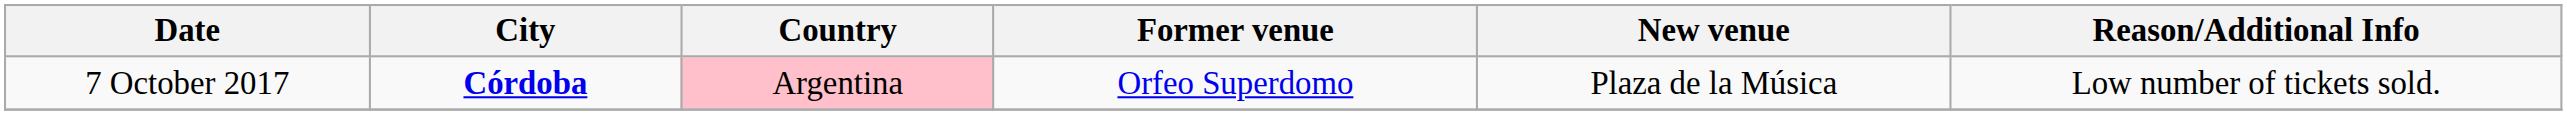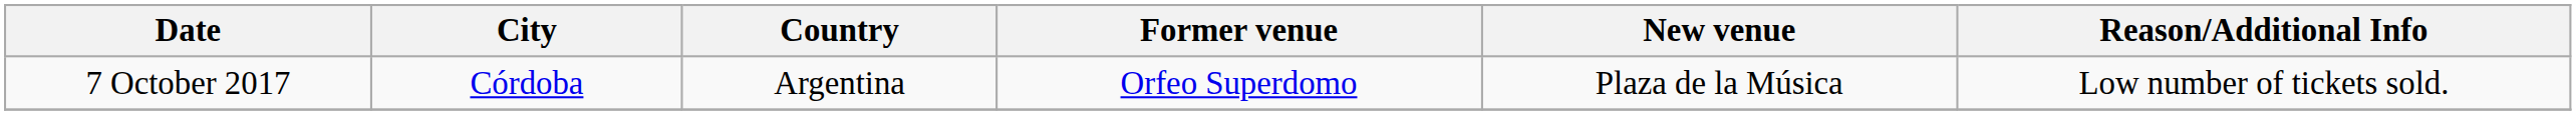 <table class="wikitable" style="text-align:center;">
 <tr>
 <th scope="col" style="width:12em;">Date</th>
 <th scope="col" style="width:10em;">City</th>
 <th scope="col" style="width:10em;">Country</th>
 <th scope="col" style="width:16em;">Former venue</th>
 <th scope="col" style="width:16em;">New venue</th>
 <th scope="col" style="width:20em;">Reason/Additional Info</th>
 </tr>
 <tr>
 <td>7 October 2017</td>
-<td><strong><a href='#'>Córdoba</a></strong></td>
-<td style="background: pink;">Argentina</td>
+<td><a href='#'>Córdoba</a></td>
+<td>Argentina</td>
 <td><a href='#'>Orfeo Superdomo</a></td>
 <td>Plaza de la Música</td>
 <td>Low number of tickets sold.</td>
 </tr>
 <tr>
 </tr>
 </table>
